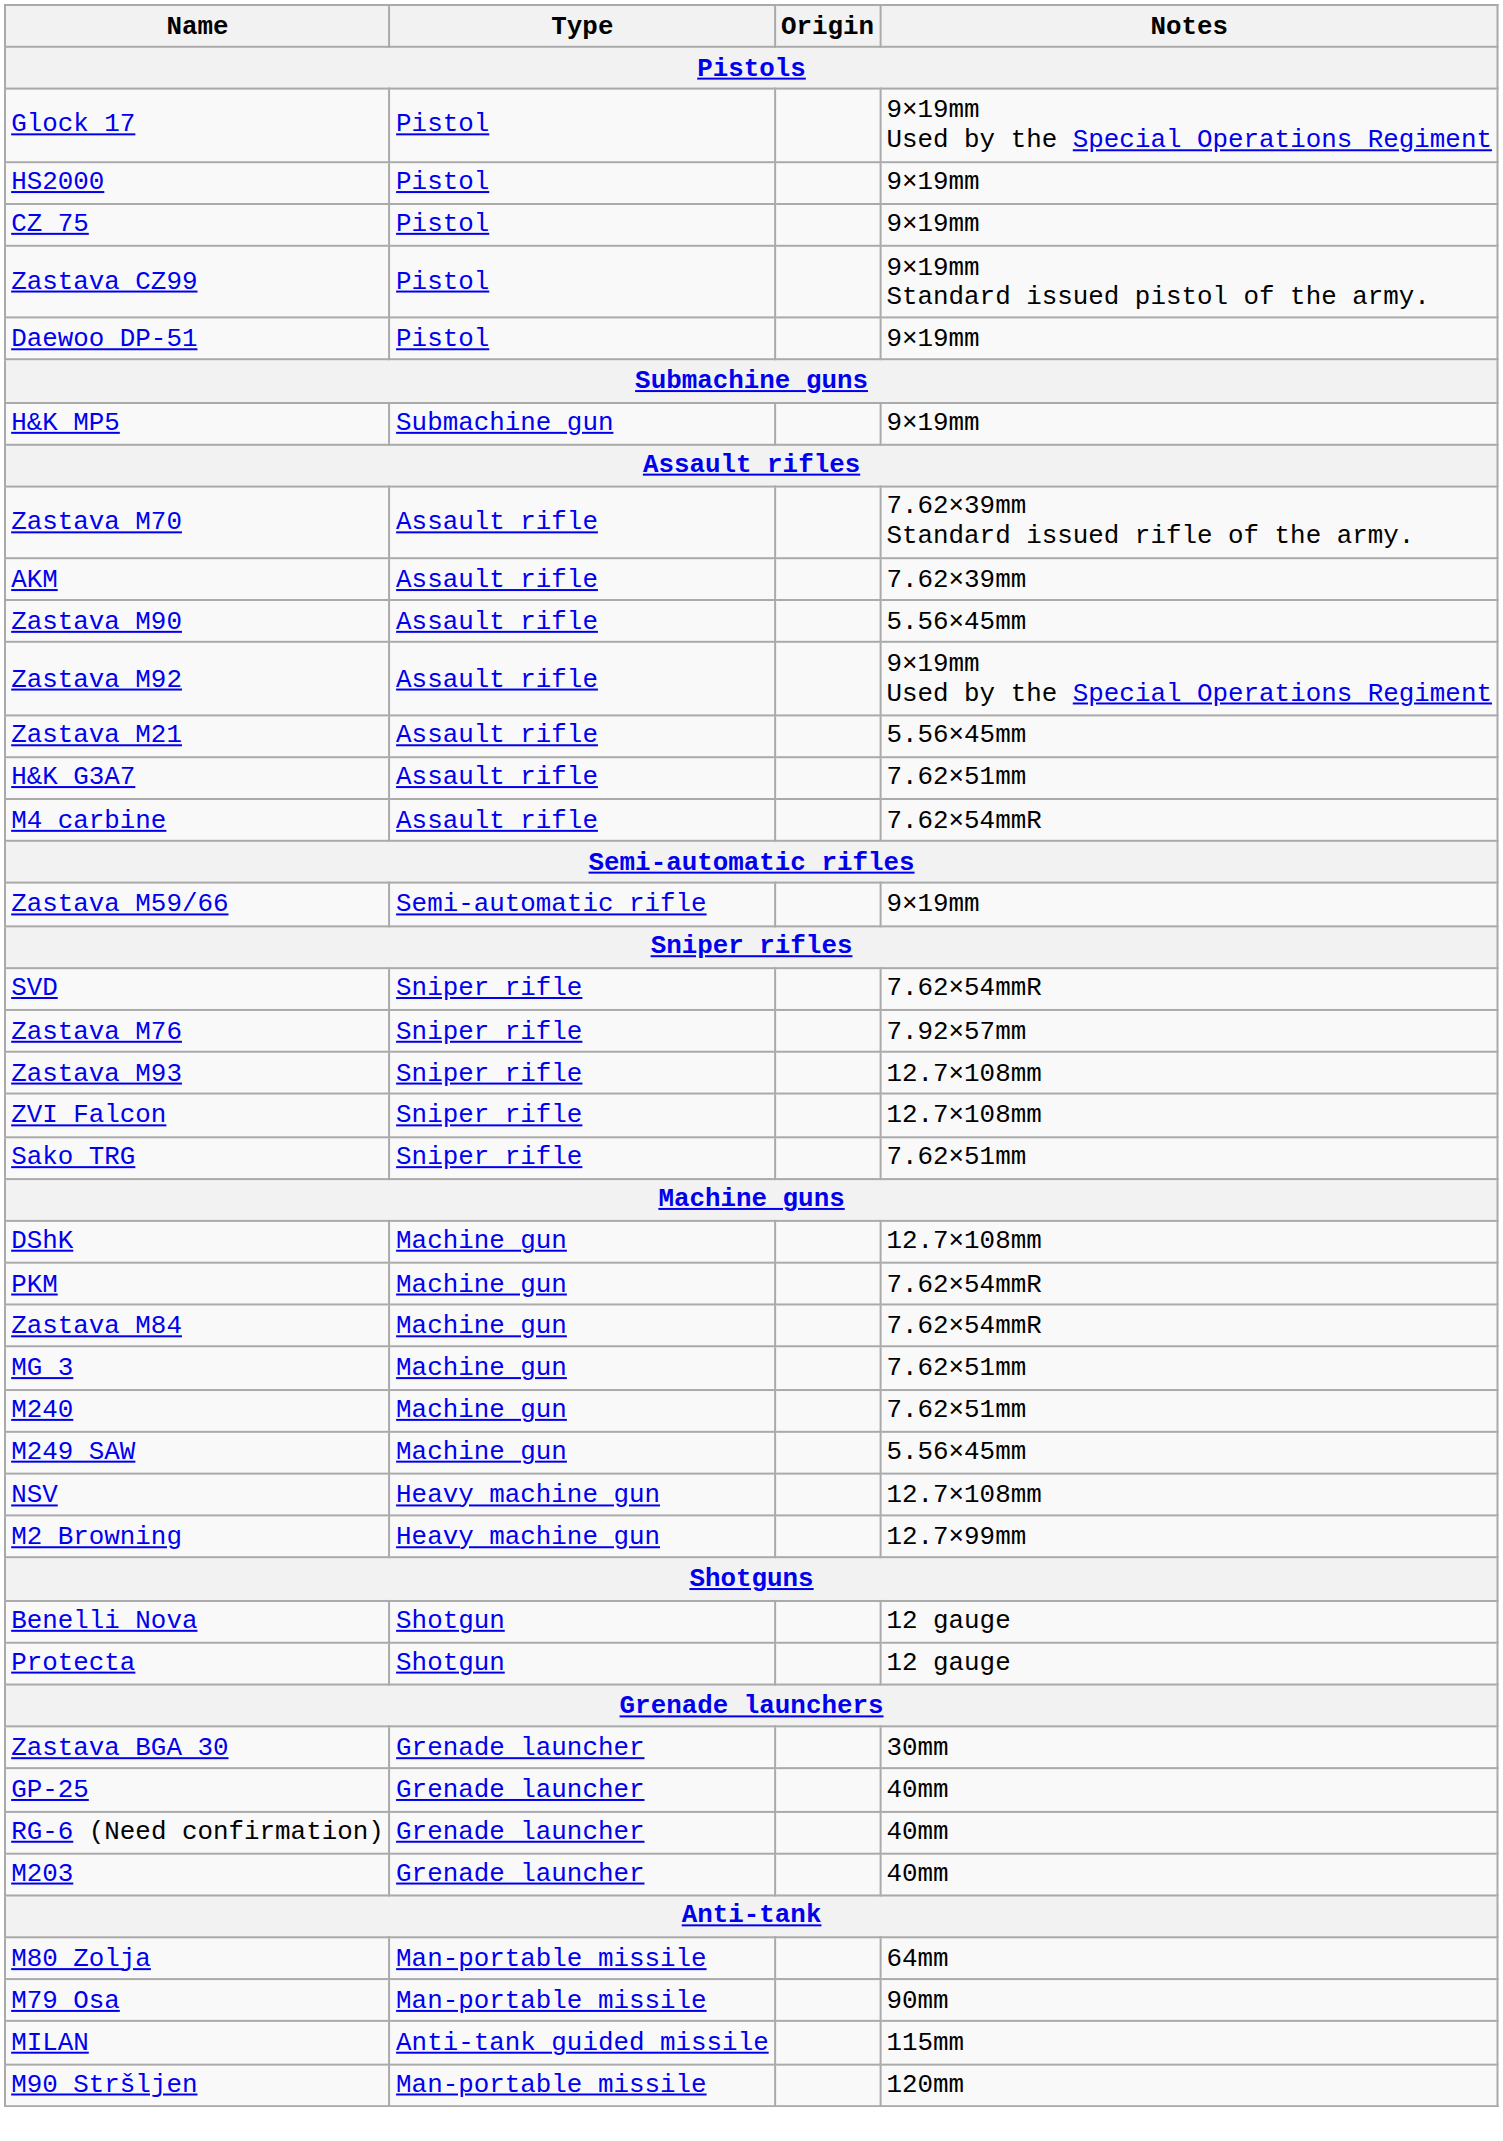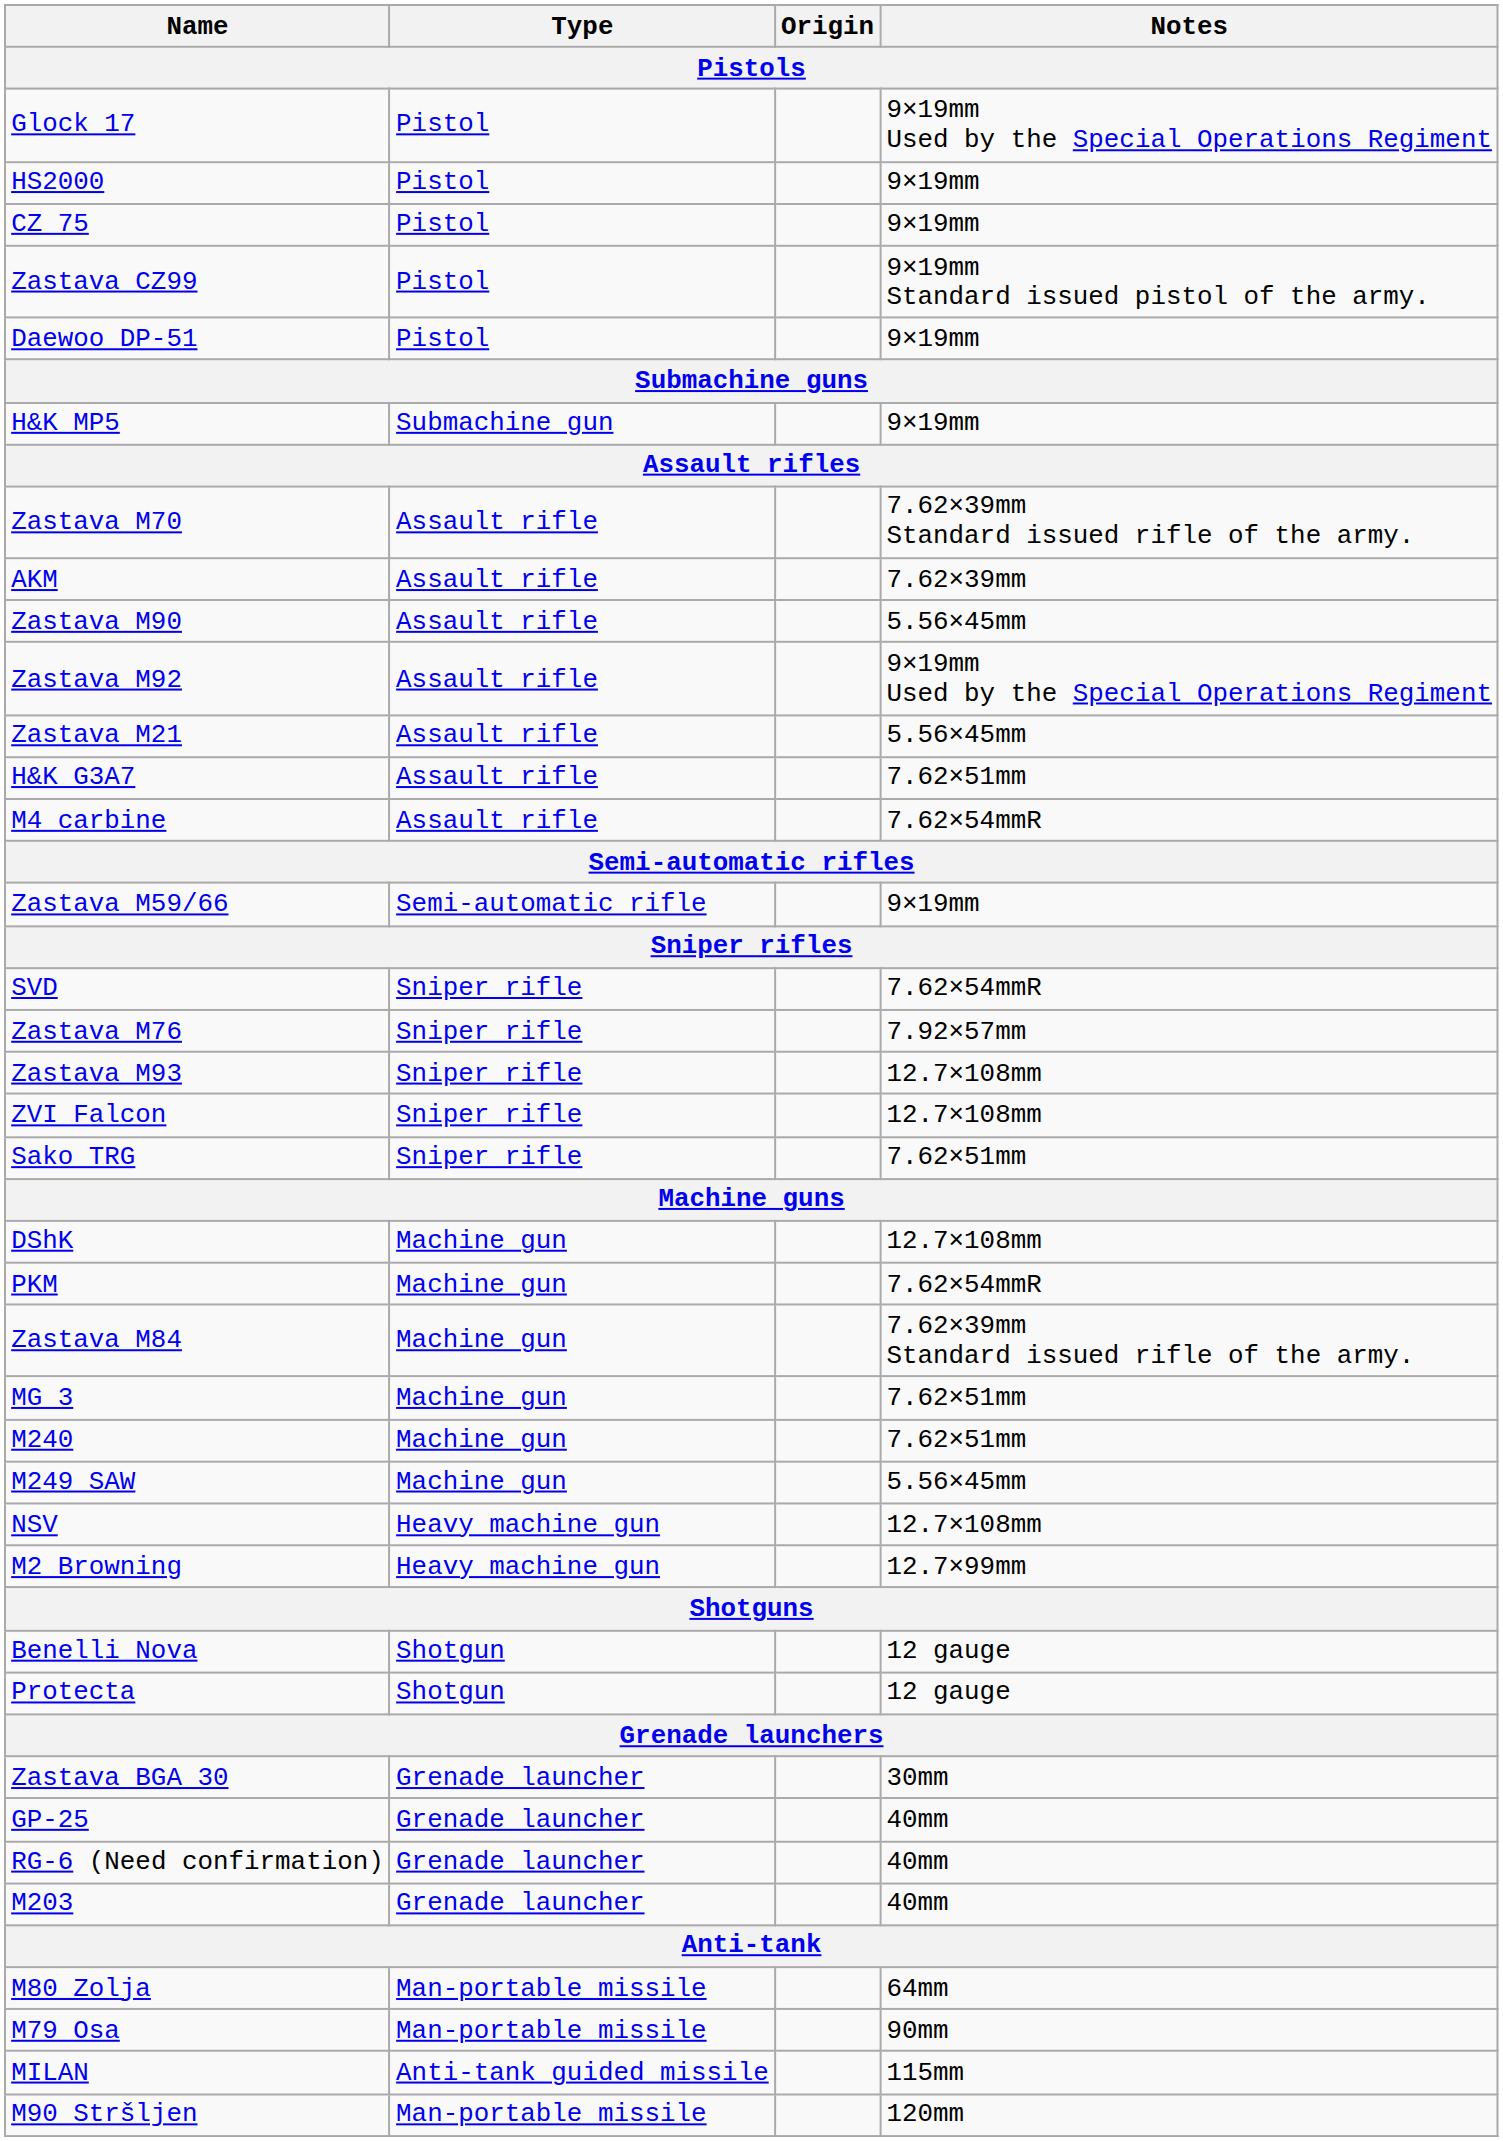 <table class="wikitable">
 <tr>
 <th>Name</th>
 <th>Type</th>
 <th>Origin</th>
 <th>Notes</th>
 </tr>
 <tr>
 <th colspan="8"><a href='#'>Pistols</a></th>
 </tr>
 <tr>
 <td><a href='#'>Glock 17</a></td>
 <td><a href='#'>Pistol</a></td>
 <td></td>
 <td>9×19mm<br>Used by the <a href='#'>Special Operations Regiment</a></td>
 </tr>
 <tr>
 <td><a href='#'>HS2000</a></td>
 <td><a href='#'>Pistol</a></td>
 <td></td>
 <td>9×19mm</td>
 </tr>
 <tr>
 <td><a href='#'>CZ 75</a></td>
 <td><a href='#'>Pistol</a></td>
 <td></td>
 <td>9×19mm</td>
 </tr>
 <tr>
 <td><a href='#'>Zastava CZ99</a></td>
 <td><a href='#'>Pistol</a></td>
 <td></td>
 <td>9×19mm<br>Standard issued pistol of the army.</td>
 </tr>
 <tr>
 <td><a href='#'>Daewoo DP-51</a></td>
 <td><a href='#'>Pistol</a></td>
 <td></td>
 <td>9×19mm</td>
 </tr>
 <tr>
 <th colspan="8"><a href='#'>Submachine guns</a></th>
 </tr>
 <tr>
 <td><a href='#'>H&K MP5</a></td>
 <td><a href='#'>Submachine gun</a></td>
 <td></td>
 <td>9×19mm</td>
 </tr>
 <tr>
 <th colspan="8"><a href='#'>Assault rifles</a></th>
 </tr>
 <tr>
 <td><a href='#'>Zastava M70</a></td>
 <td><a href='#'>Assault rifle</a></td>
 <td></td>
 <td>7.62×39mm<br>Standard issued rifle of the army.</td>
 </tr>
 <tr>
 <td><a href='#'>AKM</a></td>
 <td><a href='#'>Assault rifle</a></td>
 <td></td>
 <td>7.62×39mm</td>
 </tr>
 <tr>
 <td><a href='#'>Zastava M90</a></td>
 <td><a href='#'>Assault rifle</a></td>
 <td></td>
 <td>5.56×45mm</td>
 </tr>
 <tr>
 <td><a href='#'>Zastava M92</a></td>
 <td><a href='#'>Assault rifle</a></td>
 <td></td>
 <td>9×19mm<br>Used by the <a href='#'>Special Operations Regiment</a></td>
 </tr>
 <tr>
 <td><a href='#'>Zastava M21</a></td>
 <td><a href='#'>Assault rifle</a></td>
 <td></td>
 <td>5.56×45mm</td>
 </tr>
 <tr>
 <td><a href='#'>H&K G3A7</a></td>
 <td><a href='#'>Assault rifle</a></td>
 <td></td>
 <td>7.62×51mm</td>
 </tr>
 <tr>
 <td><a href='#'>M4 carbine</a></td>
 <td><a href='#'>Assault rifle</a></td>
 <td></td>
 <td>7.62×54mmR</td>
 </tr>
 <tr>
 <th colspan="8" style="align: center;"><a href='#'>Semi-automatic rifles</a></th>
 </tr>
 <tr>
 <td><a href='#'>Zastava M59/66</a></td>
 <td><a href='#'>Semi-automatic rifle</a></td>
 <td></td>
 <td>9×19mm</td>
 </tr>
 <tr>
 <th colspan="8" style="align: center;"><a href='#'>Sniper rifles</a></th>
 </tr>
 <tr>
 <td><a href='#'>SVD</a></td>
 <td><a href='#'>Sniper rifle</a></td>
 <td></td>
 <td>7.62×54mmR</td>
 </tr>
 <tr>
 <td><a href='#'>Zastava M76</a></td>
 <td><a href='#'>Sniper rifle</a></td>
 <td></td>
 <td>7.92×57mm</td>
 </tr>
 <tr>
 <td><a href='#'>Zastava M93</a></td>
 <td><a href='#'>Sniper rifle</a></td>
 <td></td>
 <td>12.7×108mm</td>
 </tr>
 <tr>
 <td><a href='#'>ZVI Falcon</a></td>
 <td><a href='#'>Sniper rifle</a></td>
 <td></td>
 <td>12.7×108mm</td>
 </tr>
 <tr>
 <td><a href='#'>Sako TRG</a></td>
 <td><a href='#'>Sniper rifle</a></td>
 <td></td>
 <td>7.62×51mm</td>
 </tr>
 <tr>
 <th colspan="8" style="align: center;"><a href='#'>Machine guns</a></th>
 </tr>
 <tr>
 <td><a href='#'>DShK</a></td>
 <td><a href='#'>Machine gun</a></td>
 <td></td>
 <td>12.7×108mm</td>
 </tr>
 <tr>
 <td><a href='#'>PKM</a></td>
 <td><a href='#'>Machine gun</a></td>
 <td></td>
 <td>7.62×54mmR</td>
 </tr>
 <tr>
 <td><a href='#'>Zastava M84</a></td>
 <td><a href='#'>Machine gun</a></td>
 <td></td>
-<td>7.62×54mmR</td>
+<td>7.62×39mm<br>Standard issued rifle of the army.</td>
 </tr>
 <tr>
 <td><a href='#'>MG 3</a></td>
 <td><a href='#'>Machine gun</a></td>
 <td></td>
 <td>7.62×51mm</td>
 </tr>
 <tr>
 <td><a href='#'>M240</a></td>
 <td><a href='#'>Machine gun</a></td>
 <td></td>
 <td>7.62×51mm</td>
 </tr>
 <tr>
 <td><a href='#'>M249 SAW</a></td>
 <td><a href='#'>Machine gun</a></td>
 <td></td>
 <td>5.56×45mm</td>
 </tr>
 <tr>
 <td><a href='#'>NSV</a></td>
 <td><a href='#'>Heavy machine gun</a></td>
 <td></td>
 <td>12.7×108mm</td>
 </tr>
 <tr>
 <td><a href='#'>M2 Browning</a></td>
 <td><a href='#'>Heavy machine gun</a></td>
 <td></td>
 <td>12.7×99mm</td>
 </tr>
 <tr>
 <th colspan="8" style="align: center;"><a href='#'>Shotguns</a></th>
 </tr>
 <tr>
 <td><a href='#'>Benelli Nova</a></td>
 <td><a href='#'>Shotgun</a></td>
 <td></td>
 <td>12 gauge</td>
 </tr>
 <tr>
 <td><a href='#'>Protecta</a></td>
 <td><a href='#'>Shotgun</a></td>
 <td></td>
 <td>12 gauge</td>
 </tr>
 <tr>
 <th colspan="8" style="align: center;"><a href='#'>Grenade launchers</a></th>
 </tr>
 <tr>
 <td><a href='#'>Zastava BGA 30</a></td>
 <td><a href='#'>Grenade launcher</a></td>
 <td></td>
 <td>30mm</td>
 </tr>
 <tr>
 <td><a href='#'>GP-25</a></td>
 <td><a href='#'>Grenade launcher</a></td>
 <td></td>
 <td>40mm</td>
 </tr>
 <tr>
 <td><a href='#'>RG-6</a> (Need confirmation)</td>
 <td><a href='#'>Grenade launcher</a></td>
 <td></td>
 <td>40mm</td>
 </tr>
 <tr>
 <td><a href='#'>M203</a></td>
 <td><a href='#'>Grenade launcher</a></td>
 <td></td>
 <td>40mm</td>
 </tr>
 <tr>
 <th colspan="8" style="align: center;"><a href='#'>Anti-tank</a></th>
 </tr>
 <tr>
 <td><a href='#'>M80 Zolja</a></td>
 <td><a href='#'>Man-portable missile</a></td>
 <td><br></td>
 <td>64mm</td>
 </tr>
 <tr>
 <td><a href='#'>M79 Osa</a></td>
 <td><a href='#'>Man-portable missile</a></td>
 <td><br></td>
 <td>90mm</td>
 </tr>
 <tr>
 <td><a href='#'>MILAN</a></td>
 <td><a href='#'>Anti-tank guided missile</a></td>
 <td></td>
 <td>115mm</td>
 </tr>
 <tr>
 <td><a href='#'>M90 Stršljen</a></td>
 <td><a href='#'>Man-portable missile</a></td>
 <td><br></td>
 <td>120mm</td>
 </tr>
 <tr>
 </tr>
 </table>
